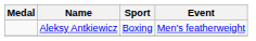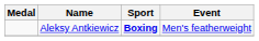 <table class="wikitable sortable" style="font-size: 95%;">
 <tr>
 <th>Medal</th>
 <th>Name</th>
 <th>Sport</th>
 <th>Event</th>
 </tr>
 <tr>
 <td></td>
 <td><a href='#'>Aleksy Antkiewicz</a></td>
-<td><a href='#'>Boxing</a></td>
+<td><strong><a href='#'>Boxing</a></strong></td>
 <td><a href='#'>Men's featherweight</a></td>
 </tr>
 <tr>
 </tr>
 </table>
